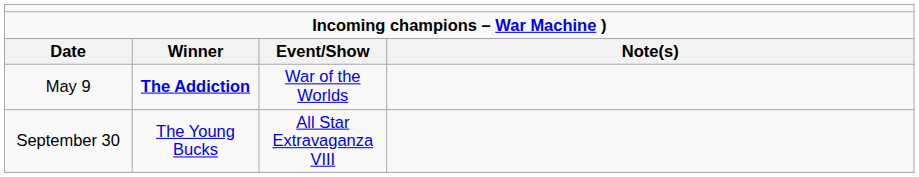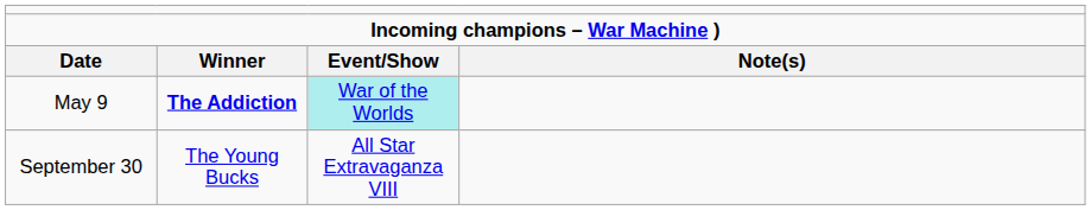 <table class="wikitable" style="text-align:center; width:100%;">
 <tr>
 <td colspan="5"></td>
 </tr>
 <tr>
 <td colspan="5"><strong>Incoming champions – <a href='#'>War Machine</a> )</strong></td>
 </tr>
 <tr>
 <th width=14%>Date</th>
 <th width=14%>Winner</th>
 <th width=14%>Event/Show</th>
 <th width=58%>Note(s)</th>
 </tr>
 <tr>
 <td>May 9</td>
 <td><strong><a href='#'>The Addiction</a><br></strong></td>
-<td><a href='#'>War of the Worlds</a></td>
+<td style="background: paleturquoise;"><a href='#'>War of the Worlds</a></td>
 <td align="left"></td>
 </tr>
 <tr>
 <td>September 30</td>
 <td><a href='#'>The Young Bucks</a><br></td>
 <td><a href='#'>All Star Extravaganza VIII</a></td>
 <td align="left"></td>
 </tr>
 </table>
